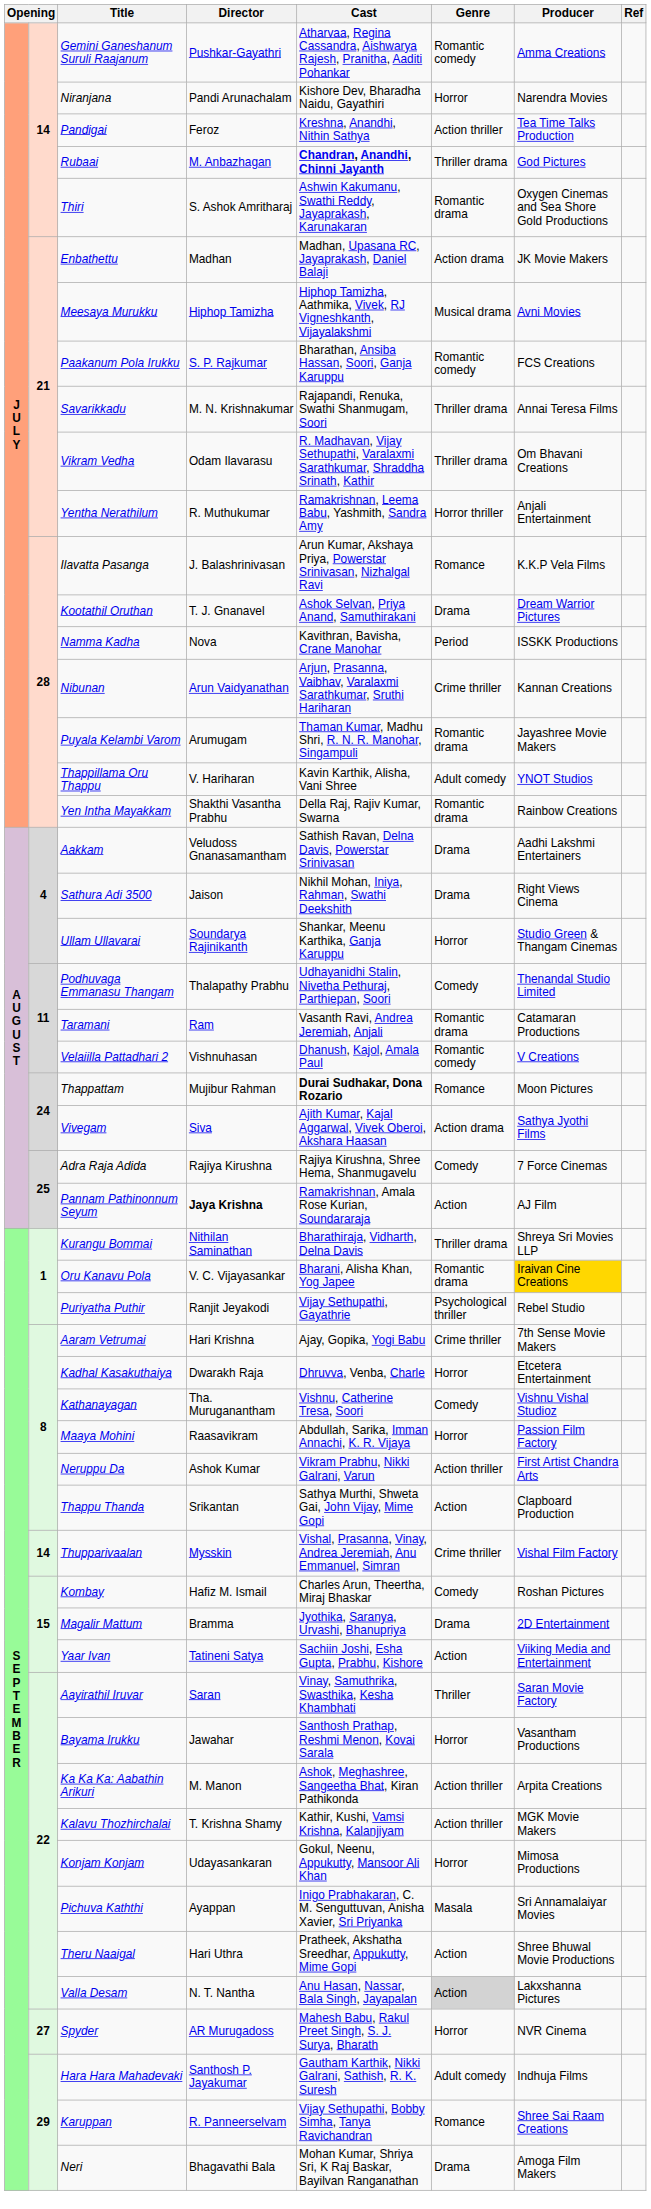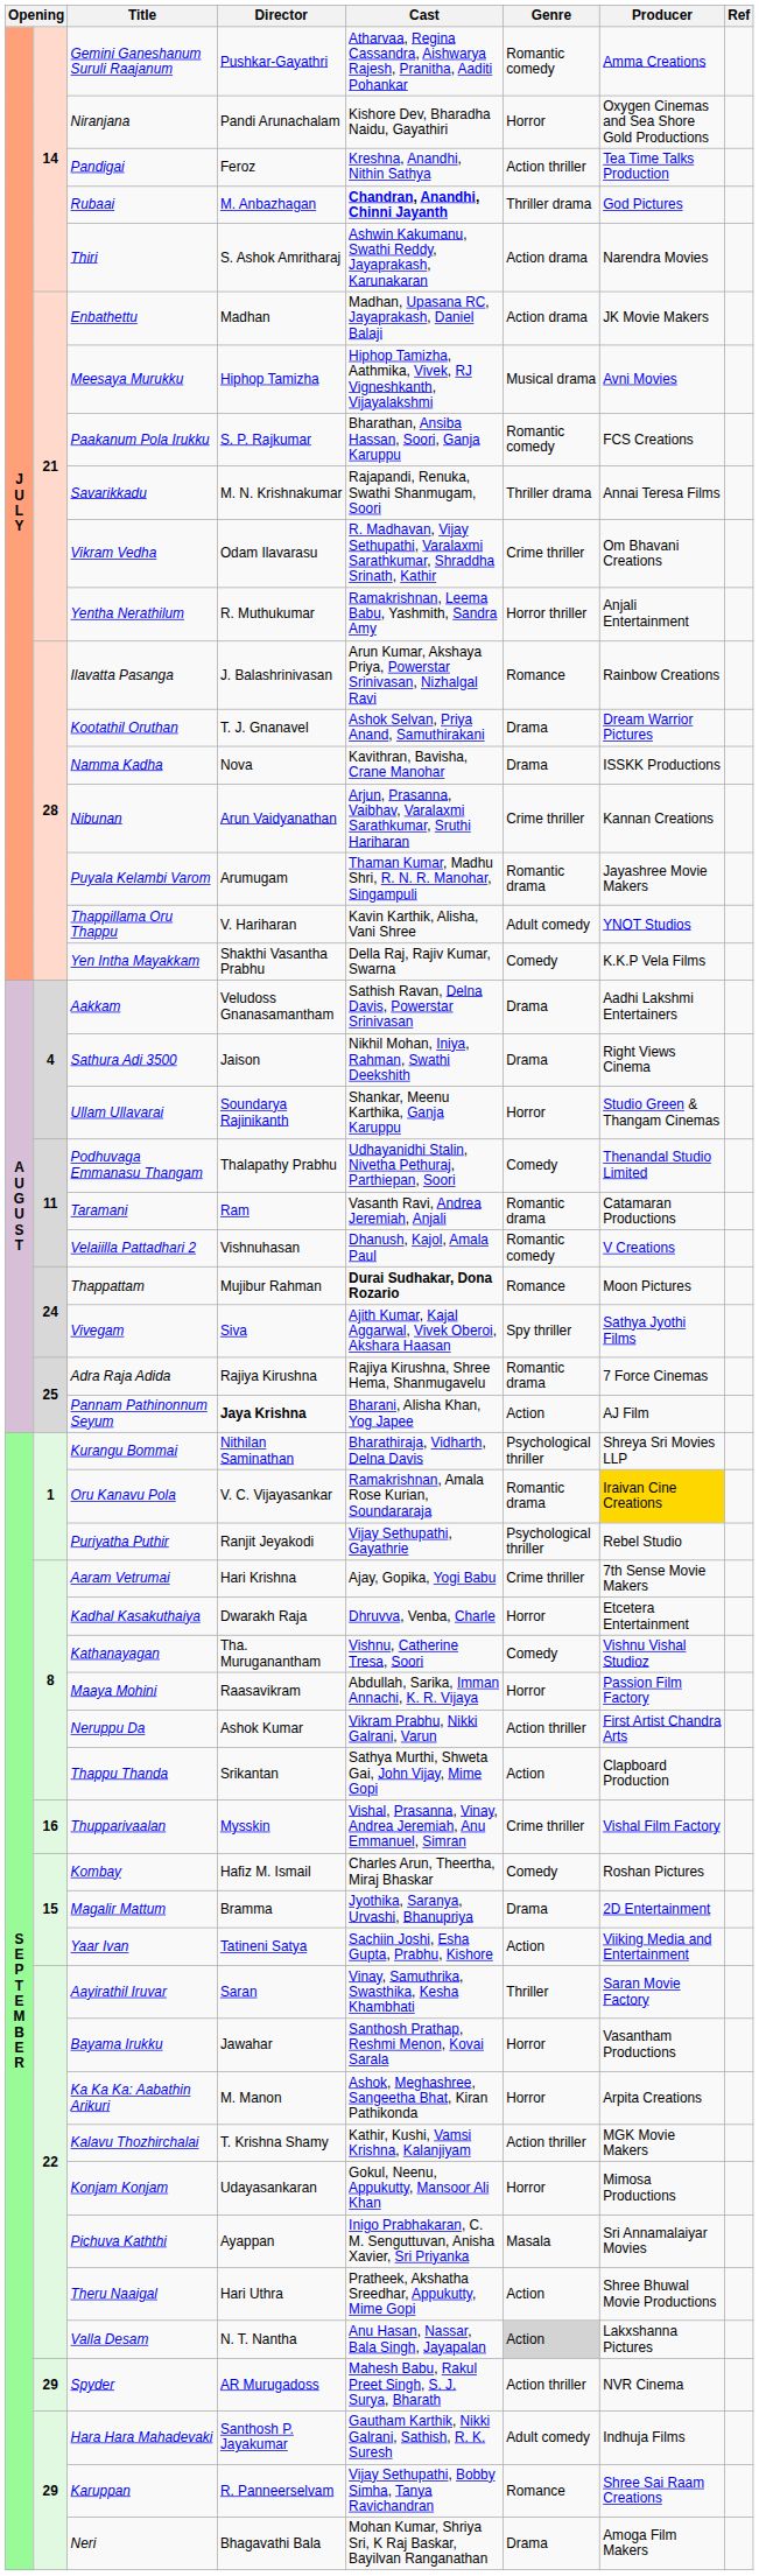 <table class="wikitable" id="wikitable-20171206">
 <tr>
 <th colspan="2" class=unsortable>Opening</th>
 <th style="width:20%;">Title</th>
 <th>Director</th>
 <th>Cast</th>
 <th>Genre</th>
 <th>Producer</th>
 <th class=unsortable>Ref</th>
 </tr>
 <tr July!>
 <th rowspan="18" style="text-align:center; background:#ffa07a; textcolor:#000;">J<br>U<br>L<br>Y</th>
 <td rowspan="5" style="text-align:center; background:#ffdacc;"><strong>14</strong></td>
 <td><em><a href='#'>Gemini Ganeshanum Suruli Raajanum</a></em></td>
 <td><a href='#'>Pushkar-Gayathri</a></td>
 <td><a href='#'>Atharvaa</a>, <a href='#'>Regina Cassandra</a>, <a href='#'>Aishwarya Rajesh</a>, <a href='#'>Pranitha</a>, <a href='#'>Aaditi Pohankar</a></td>
 <td>Romantic comedy</td>
 <td><a href='#'>Amma Creations</a></td>
 <td></td>
 </tr>
 <tr>
 <td><em>Niranjana</em></td>
 <td>Pandi Arunachalam</td>
 <td>Kishore Dev, Bharadha Naidu, Gayathiri</td>
 <td>Horror</td>
-<td>Narendra Movies</td>
+<td>Oxygen Cinemas and Sea Shore Gold Productions</td>
 <td></td>
 </tr>
 <tr>
 <td><em><a href='#'>Pandigai</a></em></td>
 <td>Feroz</td>
 <td><a href='#'>Kreshna</a>, <a href='#'>Anandhi</a>, <a href='#'>Nithin Sathya</a></td>
 <td>Action thriller</td>
 <td><a href='#'>Tea Time Talks Production</a></td>
 <td></td>
 </tr>
 <tr>
 <td><em><a href='#'>Rubaai</a></em></td>
 <td><a href='#'>M. Anbazhagan</a></td>
 <td><strong><a href='#'>Chandran</a>, <a href='#'>Anandhi</a>, <a href='#'>Chinni Jayanth</a></strong></td>
 <td>Thriller drama</td>
 <td><a href='#'>God Pictures</a></td>
 <td></td>
 </tr>
 <tr>
 <td><em><a href='#'>Thiri</a></em></td>
 <td>S. Ashok Amritharaj</td>
 <td><a href='#'>Ashwin Kakumanu</a>, <a href='#'>Swathi Reddy</a>, <a href='#'>Jayaprakash</a>, <a href='#'>Karunakaran</a></td>
-<td>Romantic drama</td>
-<td>Oxygen Cinemas and Sea Shore Gold Productions</td>
+<td>Action drama</td>
+<td>Narendra Movies</td>
 <td></td>
 </tr>
 <tr>
 <td rowspan="6" style="text-align:center; background:#ffdacc;"><strong>21</strong></td>
 <td><em><a href='#'>Enbathettu</a></em></td>
 <td>Madhan</td>
 <td>Madhan, <a href='#'>Upasana RC</a>, <a href='#'>Jayaprakash</a>, <a href='#'>Daniel Balaji</a></td>
 <td>Action drama</td>
 <td>JK Movie Makers</td>
 <td></td>
 </tr>
 <tr>
 <td><em><a href='#'>Meesaya Murukku</a></em></td>
 <td><a href='#'>Hiphop Tamizha</a></td>
 <td><a href='#'>Hiphop Tamizha</a>, Aathmika, <a href='#'>Vivek</a>, <a href='#'>RJ Vigneshkanth</a>, <a href='#'>Vijayalakshmi</a></td>
 <td>Musical drama</td>
 <td><a href='#'>Avni Movies</a></td>
 <td></td>
 </tr>
 <tr>
 <td><em><a href='#'>Paakanum Pola Irukku</a></em></td>
 <td><a href='#'>S. P. Rajkumar</a></td>
 <td>Bharathan, <a href='#'>Ansiba Hassan</a>, <a href='#'>Soori</a>, <a href='#'>Ganja Karuppu</a></td>
 <td>Romantic comedy</td>
 <td>FCS Creations</td>
 <td></td>
 </tr>
 <tr>
 <td><em><a href='#'>Savarikkadu</a></em></td>
 <td>M. N. Krishnakumar</td>
 <td>Rajapandi, Renuka, Swathi Shanmugam, <a href='#'>Soori</a></td>
 <td>Thriller drama</td>
 <td>Annai Teresa Films</td>
 <td></td>
 </tr>
 <tr>
 <td><em><a href='#'>Vikram Vedha</a></em></td>
 <td>Odam Ilavarasu</td>
 <td><a href='#'>R. Madhavan</a>, <a href='#'>Vijay Sethupathi</a>, <a href='#'>Varalaxmi Sarathkumar</a>, <a href='#'>Shraddha Srinath</a>, <a href='#'>Kathir</a></td>
-<td>Thriller drama</td>
+<td>Crime thriller</td>
 <td>Om Bhavani Creations</td>
 <td></td>
 </tr>
 <tr>
 <td><em><a href='#'>Yentha Nerathilum</a></em></td>
 <td>R. Muthukumar</td>
 <td><a href='#'>Ramakrishnan</a>, <a href='#'>Leema Babu</a>, Yashmith, <a href='#'>Sandra Amy</a></td>
 <td>Horror thriller</td>
 <td>Anjali Entertainment</td>
 <td></td>
 </tr>
 <tr>
 <td rowspan="7" style="text-align:center; background:#ffdacc;"><strong>28</strong></td>
 <td><em>Ilavatta Pasanga</em></td>
 <td>J. Balashrinivasan</td>
 <td>Arun Kumar, Akshaya Priya, <a href='#'>Powerstar Srinivasan</a>, <a href='#'>Nizhalgal Ravi</a></td>
 <td>Romance</td>
-<td>K.K.P Vela Films</td>
+<td>Rainbow Creations</td>
 <td></td>
 </tr>
 <tr>
 <td><em><a href='#'>Kootathil Oruthan</a></em></td>
 <td>T. J. Gnanavel</td>
 <td><a href='#'>Ashok Selvan</a>, <a href='#'>Priya Anand</a>, <a href='#'>Samuthirakani</a></td>
 <td>Drama</td>
 <td><a href='#'>Dream Warrior Pictures</a></td>
 <td></td>
 </tr>
 <tr>
 <td><em><a href='#'>Namma Kadha</a></em></td>
 <td>Nova</td>
 <td>Kavithran, Bavisha, <a href='#'>Crane Manohar</a></td>
-<td>Period</td>
+<td>Drama</td>
 <td>ISSKK Productions</td>
 <td></td>
 </tr>
 <tr>
 <td><em><a href='#'>Nibunan</a></em></td>
 <td><a href='#'>Arun Vaidyanathan</a></td>
 <td><a href='#'>Arjun</a>, <a href='#'>Prasanna</a>, <a href='#'>Vaibhav</a>, <a href='#'>Varalaxmi Sarathkumar</a>, <a href='#'>Sruthi Hariharan</a></td>
 <td>Crime thriller</td>
 <td>Kannan Creations</td>
 <td></td>
 </tr>
 <tr>
 <td><em><a href='#'>Puyala Kelambi Varom</a></em></td>
 <td>Arumugam</td>
 <td><a href='#'>Thaman Kumar</a>, Madhu Shri, <a href='#'>R. N. R. Manohar</a>, <a href='#'>Singampuli</a></td>
 <td>Romantic drama</td>
 <td>Jayashree Movie Makers</td>
 <td></td>
 </tr>
 <tr>
 <td><em><a href='#'>Thappillama Oru Thappu</a></em></td>
 <td>V. Hariharan</td>
 <td>Kavin Karthik, Alisha, Vani Shree</td>
 <td>Adult comedy</td>
 <td><a href='#'>YNOT Studios</a></td>
 <td></td>
 </tr>
 <tr>
 <td><em><a href='#'>Yen Intha Mayakkam</a></em></td>
 <td>Shakthi Vasantha Prabhu</td>
 <td>Della Raj, Rajiv Kumar, Swarna</td>
-<td>Romantic drama</td>
-<td>Rainbow Creations</td>
+<td>Comedy</td>
+<td>K.K.P Vela Films</td>
 <td></td>
 </tr>
 <tr August!>
 <th rowspan="10" style="text-align:center; background:thistle; textcolor:#000;">A<br>U<br>G<br>U<br>S<br>T</th>
 <td rowspan="3" style="text-align:center; background:#d8d8d8;"><strong>4</strong></td>
 <td><em><a href='#'>Aakkam</a></em></td>
 <td>Veludoss Gnanasamantham</td>
 <td>Sathish Ravan, <a href='#'>Delna Davis</a>, <a href='#'>Powerstar Srinivasan</a></td>
 <td>Drama</td>
 <td>Aadhi Lakshmi Entertainers</td>
 <td></td>
 </tr>
 <tr>
 <td><em><a href='#'>Sathura Adi 3500</a></em></td>
 <td>Jaison</td>
 <td>Nikhil Mohan, <a href='#'>Iniya</a>, <a href='#'>Rahman</a>, <a href='#'>Swathi Deekshith</a></td>
 <td>Drama</td>
 <td>Right Views Cinema</td>
 <td></td>
 </tr>
 <tr>
 <td><em><a href='#'>Ullam Ullavarai</a></em></td>
 <td><a href='#'>Soundarya Rajinikanth</a></td>
 <td>Shankar, Meenu Karthika, <a href='#'>Ganja Karuppu</a></td>
 <td>Horror</td>
 <td><a href='#'>Studio Green</a> & Thangam Cinemas</td>
 <td></td>
 </tr>
 <tr>
 <td rowspan="3" style="text-align:center; background:#d8d8d8;"><strong>11</strong></td>
 <td><em><a href='#'>Podhuvaga Emmanasu Thangam</a></em></td>
 <td>Thalapathy Prabhu</td>
 <td><a href='#'>Udhayanidhi Stalin</a>, <a href='#'>Nivetha Pethuraj</a>, <a href='#'>Parthiepan</a>, <a href='#'>Soori</a></td>
 <td>Comedy</td>
 <td><a href='#'>Thenandal Studio Limited</a></td>
 <td></td>
 </tr>
 <tr>
 <td><em><a href='#'>Taramani</a></em></td>
 <td><a href='#'>Ram</a></td>
 <td>Vasanth Ravi, <a href='#'>Andrea Jeremiah</a>, <a href='#'>Anjali</a></td>
 <td>Romantic drama</td>
 <td>Catamaran Productions</td>
 <td></td>
 </tr>
 <tr>
 <td><em><a href='#'>Velaiilla Pattadhari 2</a></em></td>
 <td>Vishnuhasan</td>
 <td><a href='#'>Dhanush</a>, <a href='#'>Kajol</a>, <a href='#'>Amala Paul</a></td>
 <td>Romantic comedy</td>
 <td><a href='#'>V Creations</a></td>
 <td></td>
 </tr>
 <tr>
 <td rowspan="2" style="text-align:center; background:#d8d8d8;"><strong>24</strong></td>
 <td><em>Thappattam</em></td>
 <td>Mujibur Rahman</td>
 <td><strong>Durai Sudhakar, Dona Rozario</strong></td>
 <td>Romance</td>
 <td>Moon Pictures</td>
 <td></td>
 </tr>
 <tr>
 <td><em><a href='#'>Vivegam</a></em></td>
 <td><a href='#'>Siva</a></td>
 <td><a href='#'>Ajith Kumar</a>, <a href='#'>Kajal Aggarwal</a>, <a href='#'>Vivek Oberoi</a>, <a href='#'>Akshara Haasan</a></td>
-<td>Action drama</td>
+<td>Spy thriller</td>
 <td><a href='#'>Sathya Jyothi Films</a></td>
 <td></td>
 </tr>
 <tr>
 <td rowspan="2" style="text-align:center; background:#d8d8d8;"><strong>25</strong></td>
 <td><em>Adra Raja Adida</em></td>
 <td>Rajiya Kirushna</td>
 <td>Rajiya Kirushna, Shree Hema, Shanmugavelu</td>
-<td>Comedy</td>
+<td>Romantic drama</td>
 <td>7 Force Cinemas</td>
 <td></td>
 </tr>
 <tr>
 <td><em><a href='#'>Pannam Pathinonnum Seyum</a></em></td>
 <td><strong>Jaya Krishna</strong></td>
-<td><a href='#'>Ramakrishnan</a>, Amala Rose Kurian, <a href='#'>Soundararaja</a></td>
+<td><a href='#'>Bharani</a>, Alisha Khan, <a href='#'>Yog Japee</a></td>
 <td>Action</td>
 <td>AJ Film</td>
 <td></td>
 </tr>
 <tr September!>
 <th rowspan="25" style="text-align:center; background:#98fb98; textcolor:#000;">S<br>E<br>P<br>T<br>E<br>M<br>B<br>E<br>R</th>
 <td rowspan="3" style="text-align:center; background:#e0f9e0;"><strong>1</strong></td>
 <td><em><a href='#'>Kurangu Bommai</a></em></td>
 <td><a href='#'>Nithilan Saminathan</a></td>
 <td><a href='#'>Bharathiraja</a>, <a href='#'>Vidharth</a>, <a href='#'>Delna Davis</a></td>
-<td>Thriller drama</td>
+<td>Psychological thriller</td>
 <td>Shreya Sri Movies LLP</td>
 <td></td>
 </tr>
 <tr>
 <td><em><a href='#'>Oru Kanavu Pola</a></em></td>
 <td>V. C. Vijayasankar</td>
-<td><a href='#'>Bharani</a>, Alisha Khan, <a href='#'>Yog Japee</a></td>
+<td><a href='#'>Ramakrishnan</a>, Amala Rose Kurian, <a href='#'>Soundararaja</a></td>
 <td>Romantic drama</td>
 <td style="background: gold;">Iraivan Cine Creations</td>
 <td></td>
 </tr>
 <tr>
 <td><em><a href='#'>Puriyatha Puthir</a></em></td>
 <td>Ranjit Jeyakodi</td>
 <td><a href='#'>Vijay Sethupathi</a>, <a href='#'>Gayathrie</a></td>
 <td>Psychological thriller</td>
 <td>Rebel Studio</td>
 <td></td>
 </tr>
 <tr>
 <td rowspan="6" style="text-align:center; background:#e0f9e0;"><strong>8</strong></td>
 <td><em><a href='#'>Aaram Vetrumai</a></em></td>
 <td>Hari Krishna</td>
 <td>Ajay, Gopika, <a href='#'>Yogi Babu</a></td>
 <td>Crime thriller</td>
 <td>7th Sense Movie Makers</td>
 <td></td>
 </tr>
 <tr>
 <td><em><a href='#'>Kadhal Kasakuthaiya</a></em></td>
 <td>Dwarakh Raja</td>
 <td><a href='#'>Dhruvva</a>, Venba, <a href='#'>Charle</a></td>
 <td>Horror</td>
 <td>Etcetera Entertainment</td>
 <td></td>
 </tr>
 <tr>
 <td><em><a href='#'>Kathanayagan</a></em></td>
 <td>Tha. Muruganantham</td>
 <td><a href='#'>Vishnu</a>, <a href='#'>Catherine Tresa</a>, <a href='#'>Soori</a></td>
 <td>Comedy</td>
 <td><a href='#'>Vishnu Vishal Studioz</a></td>
 <td></td>
 </tr>
 <tr>
 <td><em><a href='#'>Maaya Mohini</a></em></td>
 <td>Raasavikram</td>
 <td>Abdullah, Sarika, <a href='#'>Imman Annachi</a>, <a href='#'>K. R. Vijaya</a></td>
 <td>Horror</td>
 <td><a href='#'>Passion Film Factory</a></td>
 <td></td>
 </tr>
 <tr>
 <td><em><a href='#'>Neruppu Da</a></em></td>
 <td>Ashok Kumar</td>
 <td><a href='#'>Vikram Prabhu</a>, <a href='#'>Nikki Galrani</a>, <a href='#'>Varun</a></td>
 <td>Action thriller</td>
 <td><a href='#'>First Artist Chandra Arts</a></td>
 <td></td>
 </tr>
 <tr>
 <td><em><a href='#'>Thappu Thanda</a></em></td>
 <td>Srikantan</td>
 <td>Sathya Murthi, Shweta Gai, <a href='#'>John Vijay</a>, <a href='#'>Mime Gopi</a></td>
 <td>Action</td>
 <td>Clapboard Production</td>
 <td></td>
 </tr>
 <tr>
-<td style="text-align:center; background:#e0f9e0;"><strong>14</strong></td>
+<td style="text-align:center; background:#e0f9e0;"><strong>16</strong></td>
 <td><em><a href='#'>Thupparivaalan</a></em></td>
 <td><a href='#'>Mysskin</a></td>
 <td><a href='#'>Vishal</a>, <a href='#'>Prasanna</a>, <a href='#'>Vinay</a>, <a href='#'>Andrea Jeremiah</a>, <a href='#'>Anu Emmanuel</a>, <a href='#'>Simran</a></td>
 <td>Crime thriller</td>
 <td><a href='#'>Vishal Film Factory</a></td>
 <td></td>
 </tr>
 <tr>
 <td rowspan="3" style="text-align:center; background:#e0f9e0;"><strong>15</strong></td>
 <td><em><a href='#'>Kombay</a></em></td>
 <td>Hafiz M. Ismail</td>
 <td>Charles Arun, Theertha, Miraj Bhaskar</td>
 <td>Comedy</td>
 <td>Roshan Pictures</td>
 <td></td>
 </tr>
 <tr>
 <td><em><a href='#'>Magalir Mattum</a></em></td>
 <td>Bramma</td>
 <td><a href='#'>Jyothika</a>, <a href='#'>Saranya</a>, <a href='#'>Urvashi</a>, <a href='#'>Bhanupriya</a></td>
 <td>Drama</td>
 <td><a href='#'>2D Entertainment</a></td>
 <td></td>
 </tr>
 <tr>
 <td><em><a href='#'>Yaar Ivan</a></em></td>
 <td><a href='#'>Tatineni Satya</a></td>
 <td><a href='#'>Sachiin Joshi</a>, <a href='#'>Esha Gupta</a>, <a href='#'>Prabhu</a>, <a href='#'>Kishore</a></td>
 <td>Action</td>
 <td><a href='#'>Viiking Media and Entertainment</a></td>
 <td></td>
 </tr>
 <tr>
 <td rowspan="8" style="text-align:center; background:#e0f9e0;"><strong>22</strong></td>
 <td><em><a href='#'>Aayirathil Iruvar</a></em></td>
 <td><a href='#'>Saran</a></td>
 <td><a href='#'>Vinay</a>, <a href='#'>Samuthrika</a>, <a href='#'>Swasthika</a>, <a href='#'>Kesha Khambhati</a></td>
 <td>Thriller</td>
 <td><a href='#'>Saran Movie Factory</a></td>
 <td></td>
 </tr>
 <tr>
 <td><em><a href='#'>Bayama Irukku</a></em></td>
 <td>Jawahar</td>
 <td><a href='#'>Santhosh Prathap</a>, <a href='#'>Reshmi Menon</a>, <a href='#'>Kovai Sarala</a></td>
 <td>Horror</td>
 <td>Vasantham Productions</td>
 <td></td>
 </tr>
 <tr>
 <td><em><a href='#'>Ka Ka Ka: Aabathin Arikuri</a></em></td>
 <td>M. Manon</td>
 <td><a href='#'>Ashok</a>, <a href='#'>Meghashree</a>, <a href='#'>Sangeetha Bhat</a>, Kiran Pathikonda</td>
-<td>Action thriller</td>
+<td>Horror</td>
 <td>Arpita Creations</td>
 <td></td>
 </tr>
 <tr>
 <td><em><a href='#'>Kalavu Thozhirchalai</a></em></td>
 <td>T. Krishna Shamy</td>
 <td>Kathir, Kushi, <a href='#'>Vamsi Krishna</a>, <a href='#'>Kalanjiyam</a></td>
 <td>Action thriller</td>
 <td>MGK Movie Makers</td>
 <td></td>
 </tr>
 <tr>
 <td><em><a href='#'>Konjam Konjam</a></em></td>
 <td>Udayasankaran</td>
 <td>Gokul, Neenu, <a href='#'>Appukutty</a>, <a href='#'>Mansoor Ali Khan</a></td>
 <td>Horror</td>
 <td>Mimosa Productions</td>
 <td></td>
 </tr>
 <tr>
 <td><em><a href='#'>Pichuva Kaththi</a></em></td>
 <td>Ayappan</td>
 <td><a href='#'>Inigo Prabhakaran</a>, C. M. Senguttuvan, Anisha Xavier, <a href='#'>Sri Priyanka</a></td>
 <td>Masala</td>
 <td>Sri Annamalaiyar Movies</td>
 <td></td>
 </tr>
 <tr>
 <td><em><a href='#'>Theru Naaigal</a></em></td>
 <td>Hari Uthra</td>
 <td>Pratheek, Akshatha Sreedhar, <a href='#'>Appukutty</a>, <a href='#'>Mime Gopi</a></td>
 <td>Action</td>
 <td>Shree Bhuwal Movie Productions</td>
 <td></td>
 </tr>
 <tr>
 <td><em><a href='#'>Valla Desam</a></em></td>
 <td>N. T. Nantha</td>
 <td><a href='#'>Anu Hasan</a>, <a href='#'>Nassar</a>, <a href='#'>Bala Singh</a>, <a href='#'>Jayapalan</a></td>
 <td style="background: lightgrey;">Action</td>
 <td>Lakxshanna Pictures</td>
 <td></td>
 </tr>
 <tr>
-<td style="text-align:center; background:#e0f9e0;"><strong>27</strong></td>
+<td style="text-align:center; background:#e0f9e0;"><strong>29</strong></td>
 <td><em><a href='#'>Spyder</a></em></td>
 <td><a href='#'>AR Murugadoss</a></td>
 <td><a href='#'>Mahesh Babu</a>, <a href='#'>Rakul Preet Singh</a>, <a href='#'>S. J. Surya</a>, <a href='#'>Bharath</a></td>
-<td>Horror</td>
+<td>Action thriller</td>
 <td>NVR Cinema</td>
 <td></td>
 </tr>
 <tr>
 <td rowspan="3" style="text-align:center; background:#e0f9e0;"><strong>29</strong></td>
 <td><em><a href='#'>Hara Hara Mahadevaki</a></em></td>
 <td><a href='#'>Santhosh P. Jayakumar</a></td>
 <td><a href='#'>Gautham Karthik</a>, <a href='#'>Nikki Galrani</a>, <a href='#'>Sathish</a>, <a href='#'>R. K. Suresh</a></td>
 <td>Adult comedy</td>
 <td>Indhuja Films</td>
 <td></td>
 </tr>
 <tr>
 <td><em><a href='#'>Karuppan</a></em></td>
 <td><a href='#'>R. Panneerselvam</a></td>
 <td><a href='#'>Vijay Sethupathi</a>, <a href='#'>Bobby Simha</a>, <a href='#'>Tanya Ravichandran</a></td>
 <td>Romance</td>
 <td><a href='#'>Shree Sai Raam Creations</a></td>
 <td></td>
 </tr>
 <tr>
 <td><em>Neri</em></td>
 <td>Bhagavathi Bala</td>
 <td>Mohan Kumar, Shriya Sri, K Raj Baskar, Bayilvan Ranganathan</td>
 <td>Drama</td>
 <td>Amoga Film Makers</td>
 <td></td>
 </tr>
 </table>
